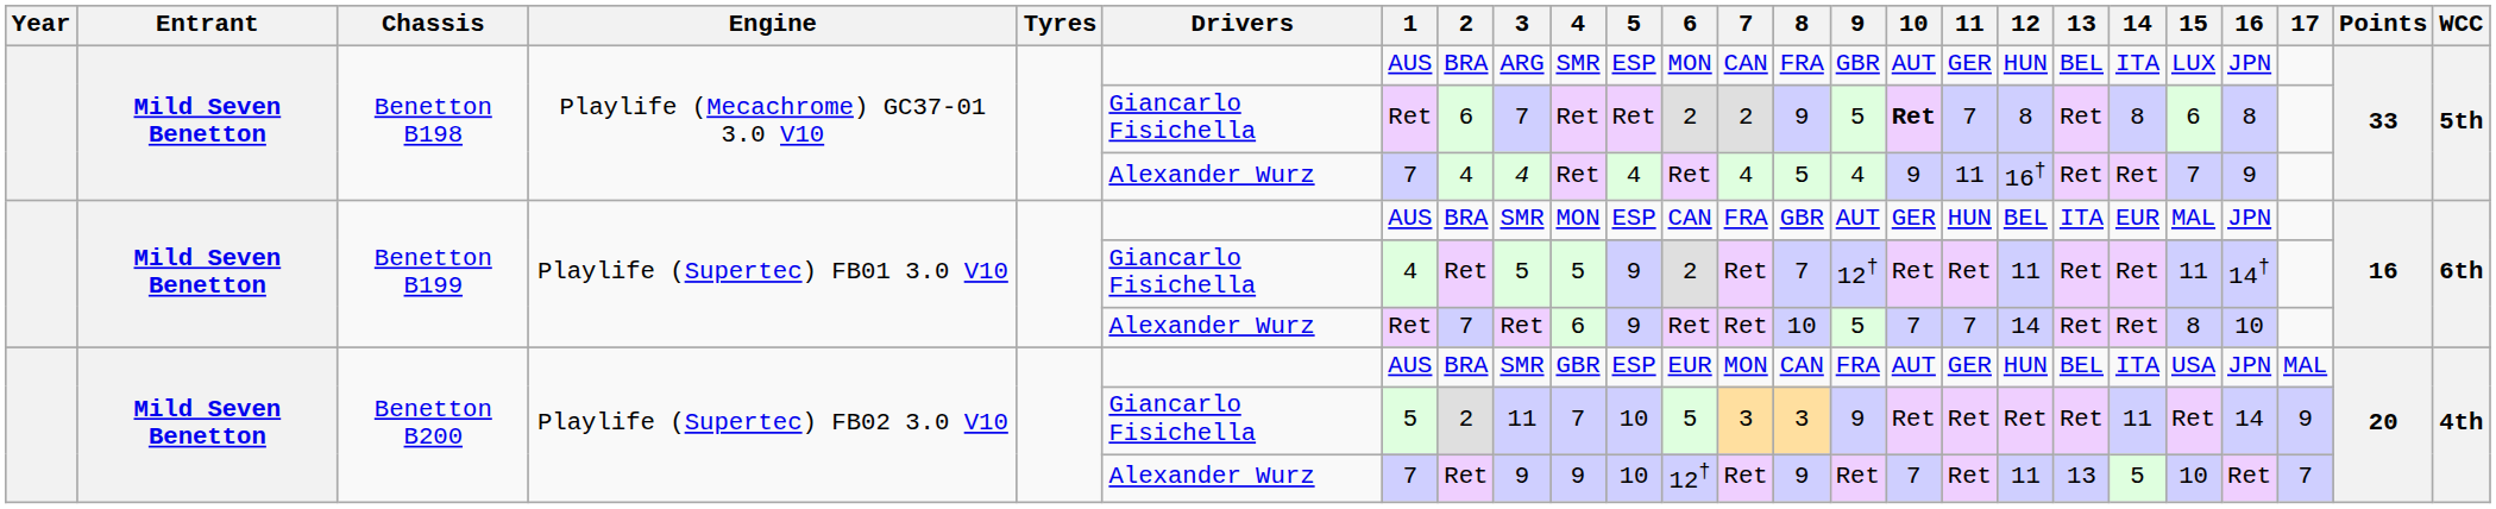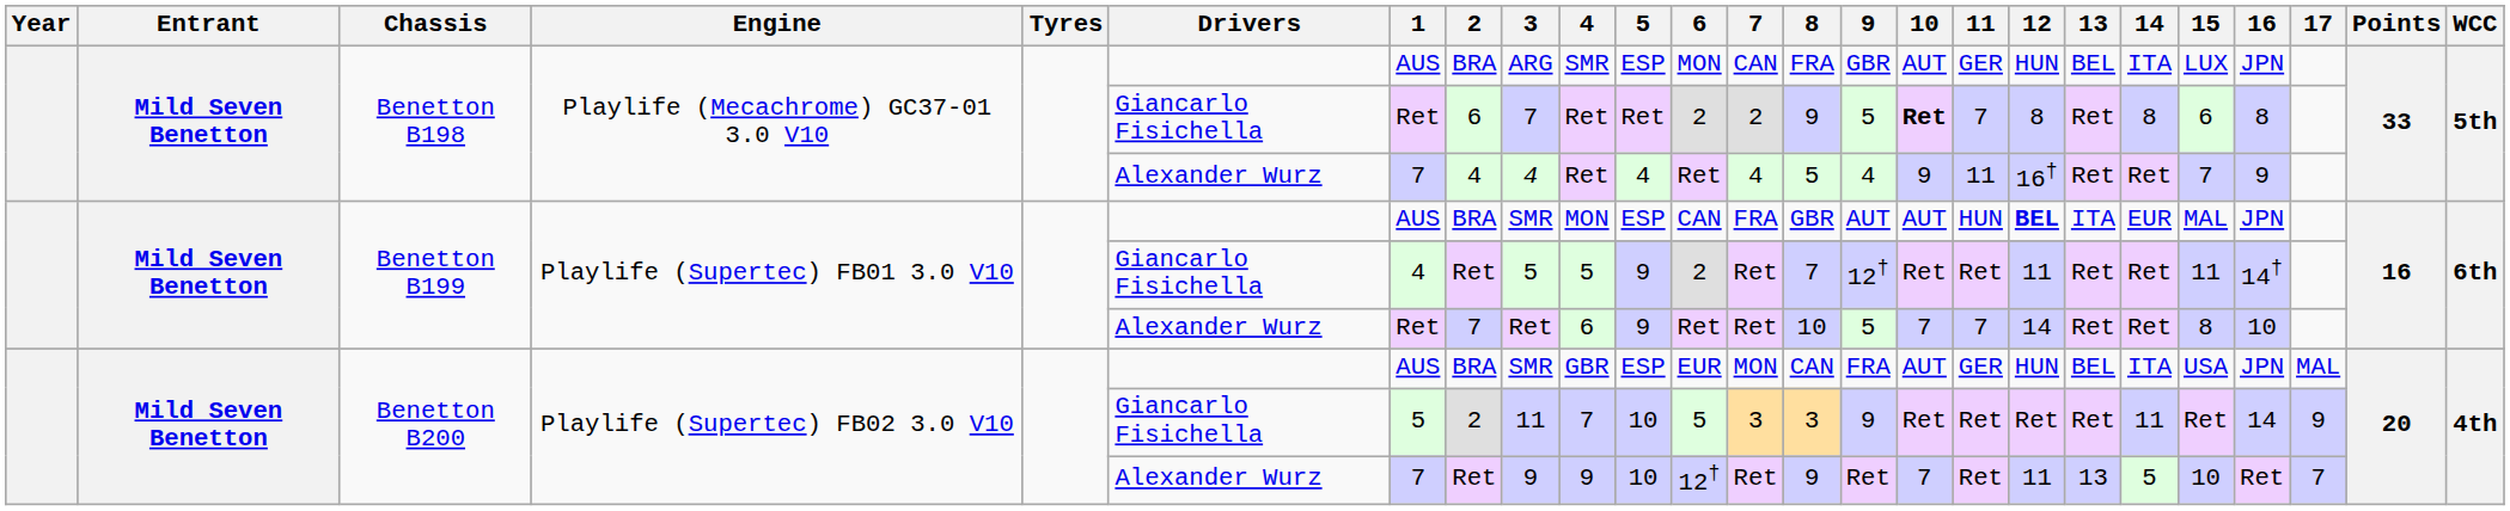 <table class="wikitable" style="text-align:center; font-size:95%">
 <tr>
 <th>Year</th>
 <th>Entrant</th>
 <th>Chassis</th>
 <th>Engine</th>
 <th>Tyres</th>
 <th>Drivers</th>
 <th>1</th>
 <th>2</th>
 <th>3</th>
 <th>4</th>
 <th>5</th>
 <th>6</th>
 <th>7</th>
 <th>8</th>
 <th>9</th>
 <th>10</th>
 <th>11</th>
 <th>12</th>
 <th>13</th>
 <th>14</th>
 <th>15</th>
 <th>16</th>
 <th>17</th>
 <th>Points</th>
 <th>WCC</th>
 </tr>
 <tr>
 <th rowspan="3"></th>
 <th rowspan="3"><a href='#'>Mild Seven Benetton</a></th>
 <td rowspan="3"><a href='#'>Benetton B198</a></td>
 <td rowspan="3">Playlife (<a href='#'>Mecachrome</a>) GC37-01 3.0 <a href='#'>V10</a></td>
 <td rowspan="3"></td>
 <td></td>
 <td><a href='#'>AUS</a></td>
 <td><a href='#'>BRA</a></td>
 <td><a href='#'>ARG</a></td>
 <td><a href='#'>SMR</a></td>
 <td><a href='#'>ESP</a></td>
 <td><a href='#'>MON</a></td>
 <td><a href='#'>CAN</a></td>
 <td><a href='#'>FRA</a></td>
 <td><a href='#'>GBR</a></td>
 <td><a href='#'>AUT</a></td>
 <td><a href='#'>GER</a></td>
 <td><a href='#'>HUN</a></td>
 <td><a href='#'>BEL</a></td>
 <td><a href='#'>ITA</a></td>
 <td><a href='#'>LUX</a></td>
 <td><a href='#'>JPN</a></td>
 <td></td>
 <th rowspan="3"><strong>33</strong></th>
 <th rowspan="3"><strong>5th</strong></th>
 </tr>
 <tr>
 <td align=left> <a href='#'>Giancarlo Fisichella</a></td>
 <td style="background:#EFCFFF;">Ret</td>
 <td style="background:#DFFFDF;">6</td>
 <td style="background:#CFCFFF;">7</td>
 <td style="background:#EFCFFF;">Ret</td>
 <td style="background:#EFCFFF;">Ret</td>
 <td style="background:#DFDFDF;">2</td>
 <td style="background:#DFDFDF;">2</td>
 <td style="background:#CFCFFF;">9</td>
 <td style="background:#DFFFDF;">5</td>
 <td style="background:#EFCFFF;"><strong>Ret</strong></td>
 <td style="background:#CFCFFF;">7</td>
 <td style="background:#CFCFFF;">8</td>
 <td style="background:#EFCFFF;">Ret</td>
 <td style="background:#CFCFFF;">8</td>
 <td style="background:#DFFFDF;">6</td>
 <td style="background:#CFCFFF;">8</td>
 <td></td>
 </tr>
 <tr>
 <td align=left> <a href='#'>Alexander Wurz</a></td>
 <td style="background:#CFCFFF;">7</td>
 <td style="background:#DFFFDF;">4</td>
 <td style="background:#DFFFDF;"><em>4</em></td>
 <td style="background:#EFCFFF;">Ret</td>
 <td style="background:#DFFFDF;">4</td>
 <td style="background:#EFCFFF;">Ret</td>
 <td style="background:#DFFFDF;">4</td>
 <td style="background:#DFFFDF;">5</td>
 <td style="background:#DFFFDF;">4</td>
 <td style="background:#CFCFFF;">9</td>
 <td style="background:#CFCFFF;">11</td>
 <td style="background:#CFCFFF;">16<sup>†</sup></td>
 <td style="background:#EFCFFF;">Ret</td>
 <td style="background:#EFCFFF;">Ret</td>
 <td style="background:#CFCFFF;">7</td>
 <td style="background:#CFCFFF;">9</td>
 <td></td>
 </tr>
 <tr>
 <th rowspan="3"></th>
 <th rowspan="3"><a href='#'>Mild Seven Benetton</a></th>
 <td rowspan="3"><a href='#'>Benetton B199</a></td>
 <td rowspan="3">Playlife (<a href='#'>Supertec</a>) FB01 3.0 <a href='#'>V10</a></td>
 <td rowspan="3"></td>
 <td></td>
 <td><a href='#'>AUS</a></td>
 <td><a href='#'>BRA</a></td>
 <td><a href='#'>SMR</a></td>
 <td><a href='#'>MON</a></td>
 <td><a href='#'>ESP</a></td>
 <td><a href='#'>CAN</a></td>
 <td><a href='#'>FRA</a></td>
 <td><a href='#'>GBR</a></td>
 <td><a href='#'>AUT</a></td>
-<td><a href='#'>GER</a></td>
+<td><a href='#'>AUT</a></td>
 <td><a href='#'>HUN</a></td>
-<td><a href='#'>BEL</a></td>
+<td><strong><a href='#'>BEL</a></strong></td>
 <td><a href='#'>ITA</a></td>
 <td><a href='#'>EUR</a></td>
 <td><a href='#'>MAL</a></td>
 <td><a href='#'>JPN</a></td>
 <td></td>
 <th rowspan="3"><strong>16</strong></th>
 <th rowspan="3"><strong>6th</strong></th>
 </tr>
 <tr>
 <td align=left> <a href='#'>Giancarlo Fisichella</a></td>
 <td style="background:#DFFFDF;">4</td>
 <td style="background:#EFCFFF;">Ret</td>
 <td style="background:#DFFFDF;">5</td>
 <td style="background:#DFFFDF;">5</td>
 <td style="background:#CFCFFF;">9</td>
 <td style="background:#DFDFDF;">2</td>
 <td style="background:#EFCFFF;">Ret</td>
 <td style="background:#CFCFFF;">7</td>
 <td style="background:#CFCFFF;">12<sup>†</sup></td>
 <td style="background:#EFCFFF;">Ret</td>
 <td style="background:#EFCFFF;">Ret</td>
 <td style="background:#CFCFFF;">11</td>
 <td style="background:#EFCFFF;">Ret</td>
 <td style="background:#EFCFFF;">Ret</td>
 <td style="background:#CFCFFF;">11</td>
 <td style="background:#CFCFFF;">14<sup>†</sup></td>
 <td></td>
 </tr>
 <tr>
 <td align=left> <a href='#'>Alexander Wurz</a></td>
 <td style="background:#EFCFFF;">Ret</td>
 <td style="background:#CFCFFF;">7</td>
 <td style="background:#EFCFFF;">Ret</td>
 <td style="background:#DFFFDF;">6</td>
 <td style="background:#CFCFFF;">9</td>
 <td style="background:#EFCFFF;">Ret</td>
 <td style="background:#EFCFFF;">Ret</td>
 <td style="background:#CFCFFF;">10</td>
 <td style="background:#DFFFDF;">5</td>
 <td style="background:#CFCFFF;">7</td>
 <td style="background:#CFCFFF;">7</td>
 <td style="background:#CFCFFF;">14</td>
 <td style="background:#EFCFFF;">Ret</td>
 <td style="background:#EFCFFF;">Ret</td>
 <td style="background:#CFCFFF;">8</td>
 <td style="background:#CFCFFF;">10</td>
 <td></td>
 </tr>
 <tr>
 <th rowspan="3"></th>
 <th rowspan="3"><a href='#'>Mild Seven Benetton</a></th>
 <td rowspan="3"><a href='#'>Benetton B200</a></td>
 <td rowspan="3">Playlife (<a href='#'>Supertec</a>) FB02 3.0 <a href='#'>V10</a></td>
 <td rowspan="3"></td>
 <td></td>
 <td><a href='#'>AUS</a></td>
 <td><a href='#'>BRA</a></td>
 <td><a href='#'>SMR</a></td>
 <td><a href='#'>GBR</a></td>
 <td><a href='#'>ESP</a></td>
 <td><a href='#'>EUR</a></td>
 <td><a href='#'>MON</a></td>
 <td><a href='#'>CAN</a></td>
 <td><a href='#'>FRA</a></td>
 <td><a href='#'>AUT</a></td>
 <td><a href='#'>GER</a></td>
 <td><a href='#'>HUN</a></td>
 <td><a href='#'>BEL</a></td>
 <td><a href='#'>ITA</a></td>
 <td><a href='#'>USA</a></td>
 <td><a href='#'>JPN</a></td>
 <td><a href='#'>MAL</a></td>
 <th rowspan="3"><strong>20</strong></th>
 <th rowspan="3"><strong>4th</strong></th>
 </tr>
 <tr>
 <td align=left> <a href='#'>Giancarlo Fisichella</a></td>
 <td style="background:#DFFFDF;">5</td>
 <td style="background:#DFDFDF;">2</td>
 <td style="background:#CFCFFF;">11</td>
 <td style="background:#CFCFFF;">7</td>
 <td style="background:#CFCFFF;">10</td>
 <td style="background:#DFFFDF;">5</td>
 <td style="background:#FFDF9F;">3</td>
 <td style="background:#FFDF9F;">3</td>
 <td style="background:#CFCFFF;">9</td>
 <td style="background:#EFCFFF;">Ret</td>
 <td style="background:#EFCFFF;">Ret</td>
 <td style="background:#EFCFFF;">Ret</td>
 <td style="background:#EFCFFF;">Ret</td>
 <td style="background:#CFCFFF;">11</td>
 <td style="background:#EFCFFF;">Ret</td>
 <td style="background:#CFCFFF;">14</td>
 <td style="background:#CFCFFF;">9</td>
 </tr>
 <tr>
 <td align=left> <a href='#'>Alexander Wurz</a></td>
 <td style="background:#CFCFFF;">7</td>
 <td style="background:#EFCFFF;">Ret</td>
 <td style="background:#CFCFFF;">9</td>
 <td style="background:#CFCFFF;">9</td>
 <td style="background:#CFCFFF;">10</td>
 <td style="background:#CFCFFF;">12<sup>†</sup></td>
 <td style="background:#EFCFFF;">Ret</td>
 <td style="background:#CFCFFF;">9</td>
 <td style="background:#EFCFFF;">Ret</td>
 <td style="background:#CFCFFF;">7</td>
 <td style="background:#EFCFFF;">Ret</td>
 <td style="background:#CFCFFF;">11</td>
 <td style="background:#CFCFFF;">13</td>
 <td style="background:#DFFFDF;">5</td>
 <td style="background:#CFCFFF;">10</td>
 <td style="background:#EFCFFF;">Ret</td>
 <td style="background:#CFCFFF;">7</td>
 </tr>
 </table>
